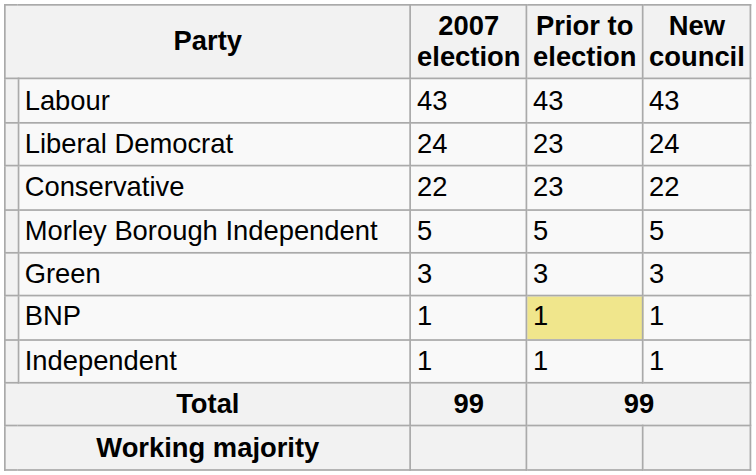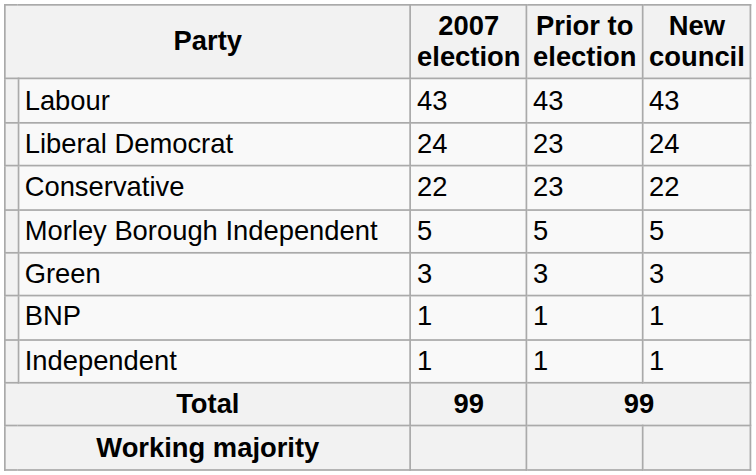 <table class="wikitable">
 <tr>
 <th valign=centre colspan="2" style="width: 230px">Party</th>
 <th valign=top style="width: 30px">2007 election</th>
 <th valign=top style="width: 30px">Prior to election</th>
 <th valign=top style="width: 30px">New council</th>
 </tr>
 <tr>
 <th style="background-color: "></th>
 <td>Labour</td>
 <td>43</td>
 <td>43</td>
 <td>43</td>
 </tr>
 <tr>
 <th style="background-color: "></th>
 <td>Liberal Democrat</td>
 <td>24</td>
 <td>23</td>
 <td>24</td>
 </tr>
 <tr>
 <th style="background-color: "></th>
 <td>Conservative</td>
 <td>22</td>
 <td>23</td>
 <td>22</td>
 </tr>
 <tr>
 <th style="background-color: "></th>
 <td>Morley Borough Independent</td>
 <td>5</td>
 <td>5</td>
 <td>5</td>
 </tr>
 <tr>
 <th style="background-color: "></th>
 <td>Green</td>
 <td>3</td>
 <td>3</td>
 <td>3</td>
 </tr>
 <tr>
 <th style="background-color: "></th>
 <td>BNP</td>
 <td>1</td>
-<td style="background: khaki;">1</td>
+<td>1</td>
 <td>1</td>
 </tr>
 <tr>
 <th style="background-color: "></th>
 <td>Independent</td>
 <td>1</td>
 <td>1</td>
 <td>1</td>
 </tr>
 <tr>
 <th colspan=2>Total</th>
 <th style="text-align: center">99</th>
 <th colspan=3>99</th>
 </tr>
 <tr>
 <th colspan=2>Working majority</th>
 <th></th>
 <th></th>
 <th></th>
 </tr>
 </table>
